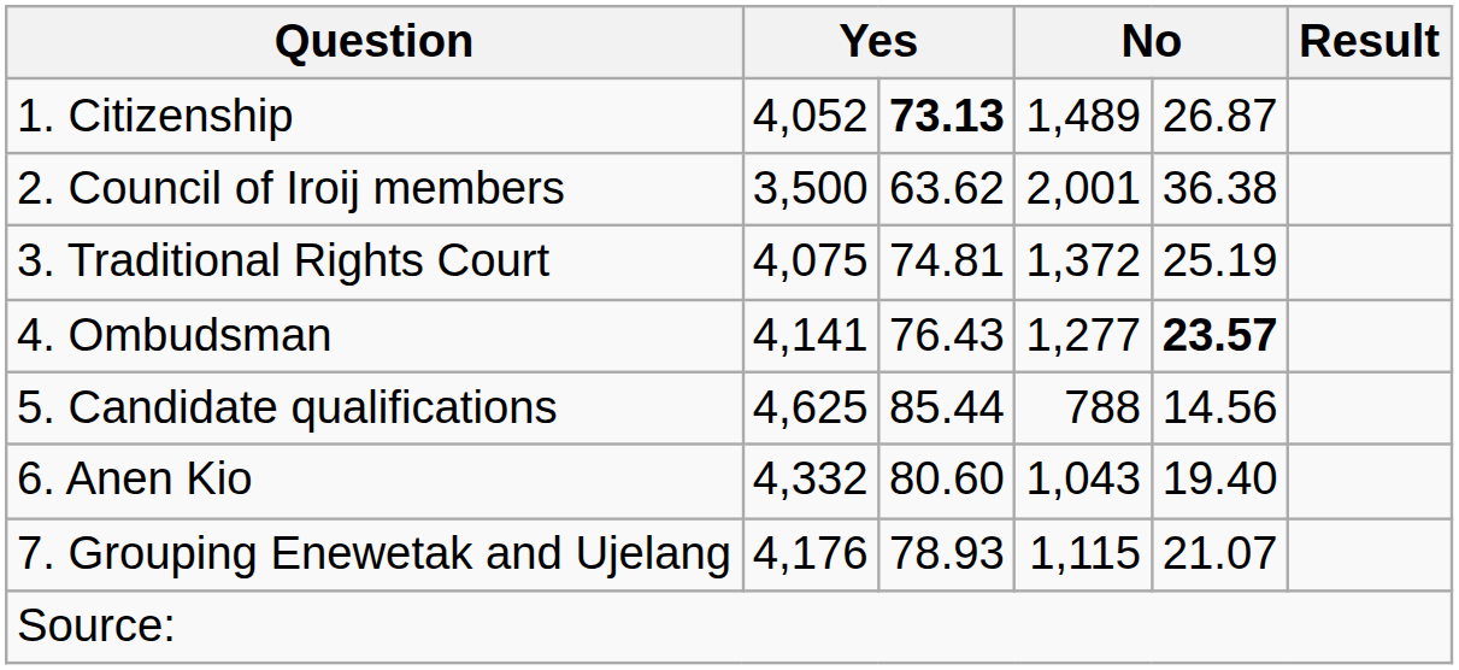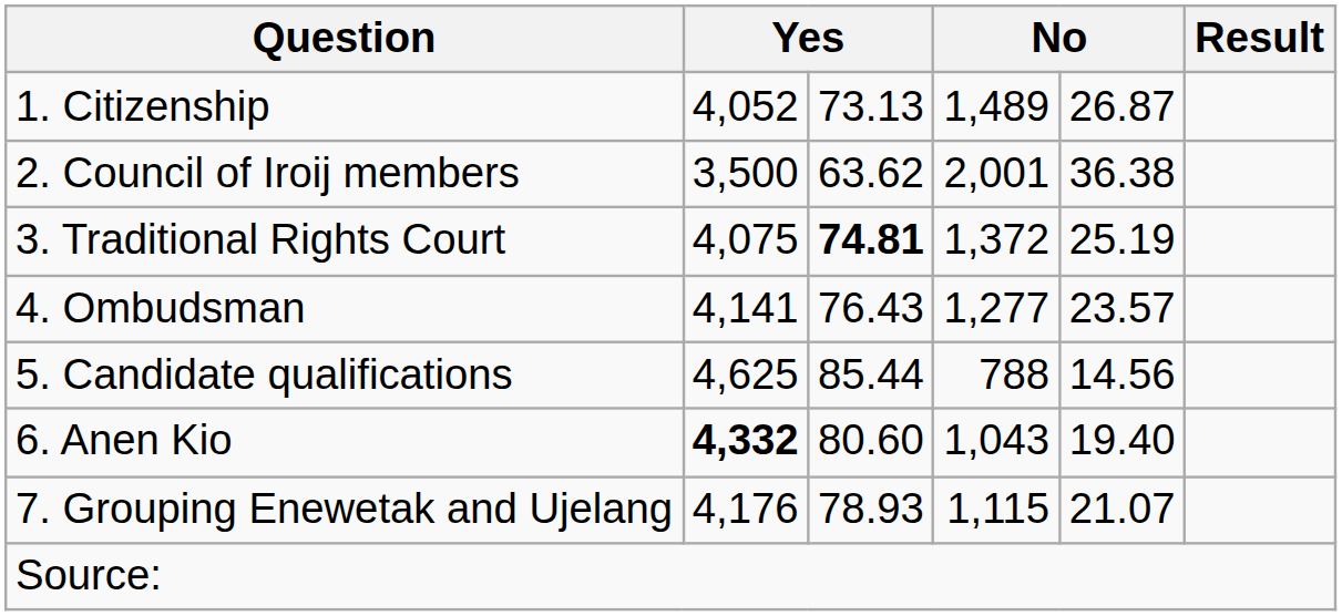 <table class=wikitable style=text-align:right>
 <tr>
 <th>Question</th>
 <th colspan=2>Yes</th>
 <th colspan=2>No</th>
 <th>Result</th>
 </tr>
 <tr>
 <td align=left>1. Citizenship</td>
 <td>4,052</td>
-<td><strong>73.13</strong></td>
+<td>73.13</td>
 <td>1,489</td>
 <td>26.87</td>
 <td align=left></td>
 </tr>
 <tr>
 <td align=left>2. Council of Iroij members</td>
 <td>3,500</td>
 <td>63.62</td>
 <td>2,001</td>
 <td>36.38</td>
 <td align=left></td>
 </tr>
 <tr>
 <td align=left>3. Traditional Rights Court</td>
 <td>4,075</td>
-<td>74.81</td>
+<td><strong>74.81</strong></td>
 <td>1,372</td>
 <td>25.19</td>
 <td align=left></td>
 </tr>
 <tr>
 <td align=left>4. Ombudsman</td>
 <td>4,141</td>
 <td>76.43</td>
 <td>1,277</td>
-<td><strong>23.57</strong></td>
+<td>23.57</td>
 <td align=left></td>
 </tr>
 <tr>
 <td align=left>5. Candidate qualifications</td>
 <td>4,625</td>
 <td>85.44</td>
 <td>788</td>
 <td>14.56</td>
 <td align=left></td>
 </tr>
 <tr>
 <td align=left>6. Anen Kio</td>
-<td>4,332</td>
+<td><strong>4,332</strong></td>
 <td>80.60</td>
 <td>1,043</td>
 <td>19.40</td>
 <td align=left></td>
 </tr>
 <tr>
 <td align=left>7. Grouping Enewetak and Ujelang</td>
 <td>4,176</td>
 <td>78.93</td>
 <td>1,115</td>
 <td>21.07</td>
 <td align=left></td>
 </tr>
 <tr>
 <td colspan=6 align=left>Source: </td>
 </tr>
 </table>
